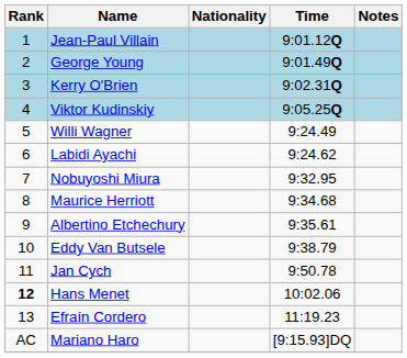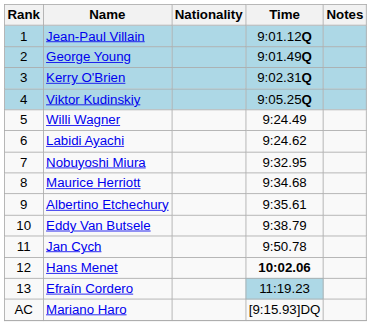 <table class="wikitable sortable" style="text-align:center">
 <tr>
 <th>Rank</th>
 <th>Name</th>
 <th>Nationality</th>
 <th>Time</th>
 <th>Notes</th>
 </tr>
 <tr bgcolor=lightblue>
 <td>1</td>
 <td align=left><a href='#'>Jean-Paul Villain</a></td>
 <td align=left></td>
 <td>9:01.12<strong>Q</strong></td>
 <td></td>
 </tr>
 <tr bgcolor=lightblue>
 <td>2</td>
 <td align=left><a href='#'>George Young</a></td>
 <td align=left></td>
 <td>9:01.49<strong>Q</strong></td>
 <td></td>
 </tr>
 <tr bgcolor=lightblue>
 <td>3</td>
 <td align=left><a href='#'>Kerry O'Brien</a></td>
 <td align=left></td>
 <td>9:02.31<strong>Q</strong></td>
 <td></td>
 </tr>
 <tr bgcolor=lightblue>
 <td>4</td>
 <td align=left><a href='#'>Viktor Kudinskiy</a></td>
 <td align=left></td>
 <td>9:05.25<strong>Q</strong></td>
 <td></td>
 </tr>
 <tr>
 <td>5</td>
 <td align=left><a href='#'>Willi Wagner</a></td>
 <td align=left></td>
 <td>9:24.49</td>
 <td></td>
 </tr>
 <tr>
 <td>6</td>
 <td align=left><a href='#'>Labidi Ayachi</a></td>
 <td align=left></td>
 <td>9:24.62</td>
 <td></td>
 </tr>
 <tr>
 <td>7</td>
 <td align=left><a href='#'>Nobuyoshi Miura</a></td>
 <td align=left></td>
 <td>9:32.95</td>
 <td></td>
 </tr>
 <tr>
 <td>8</td>
 <td align=left><a href='#'>Maurice Herriott</a></td>
 <td align=left></td>
 <td>9:34.68</td>
 <td></td>
 </tr>
 <tr>
 <td>9</td>
 <td align=left><a href='#'>Albertino Etchechury</a></td>
 <td align=left></td>
 <td>9:35.61</td>
 <td></td>
 </tr>
 <tr>
 <td>10</td>
 <td align=left><a href='#'>Eddy Van Butsele</a></td>
 <td align=left></td>
 <td>9:38.79</td>
 <td></td>
 </tr>
 <tr>
 <td>11</td>
 <td align=left><a href='#'>Jan Cych</a></td>
 <td align=left></td>
 <td>9:50.78</td>
 <td></td>
 </tr>
 <tr>
-<td><strong>12</strong></td>
+<td>12</td>
 <td align=left><a href='#'>Hans Menet</a></td>
 <td align=left></td>
-<td>10:02.06</td>
+<td><strong>10:02.06</strong></td>
 <td></td>
 </tr>
 <tr>
 <td>13</td>
 <td align=left><a href='#'>Efraín Cordero</a></td>
 <td align=left></td>
-<td>11:19.23</td>
+<td style="background: lightblue;">11:19.23</td>
 <td></td>
 </tr>
 <tr>
 <td>AC</td>
 <td align=left><a href='#'>Mariano Haro</a></td>
 <td align=left></td>
 <td>[9:15.93]DQ</td>
 <td></td>
 </tr>
 <tr>
 </tr>
 </table>
